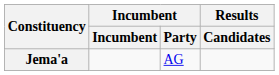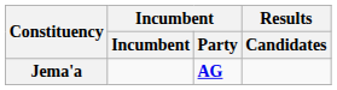 <table class="wikitable sortable">
 <tr>
 <th rowspan="2">Constituency</th>
 <th colspan="2">Incumbent</th>
 <th>Results</th>
 </tr>
 <tr valign="bottom">
 <th>Incumbent</th>
 <th>Party</th>
 <th>Candidates</th>
 </tr>
 <tr>
 <th>Jema'a</th>
 <td></td>
-<td><a href='#'>AG</a></td>
+<td><strong><a href='#'>AG</a></strong></td>
 <td nowrap=""></td>
 </tr>
 </table>
